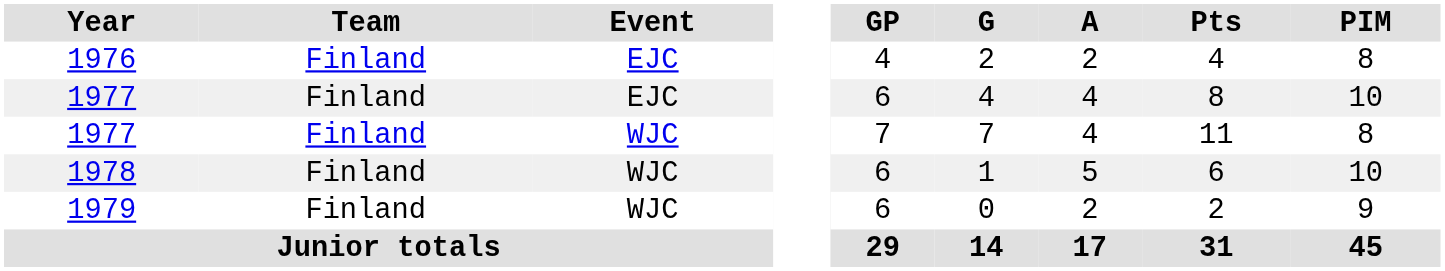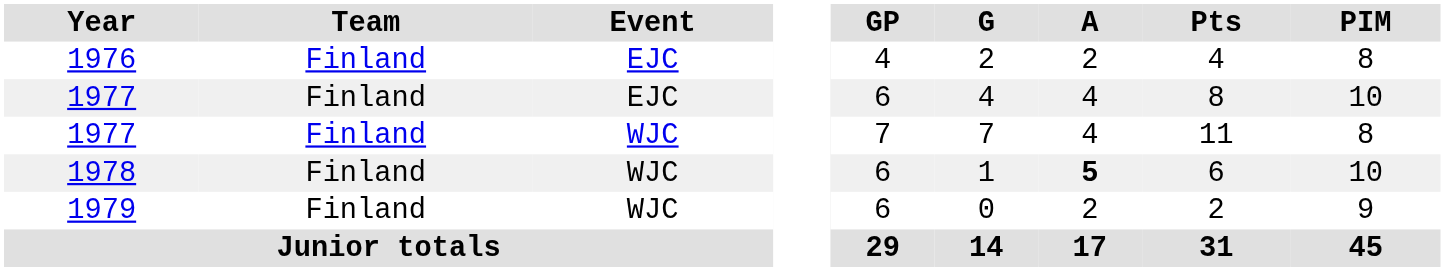 <table border="0" cellpadding="1" cellspacing="0" style="text-align:center; width:50em">
 <tr ALIGN="center" bgcolor="#e0e0e0">
 <th>Year</th>
 <th>Team</th>
 <th>Event</th>
 <th rowspan="99" bgcolor="#ffffff"> </th>
 <th>GP</th>
 <th>G</th>
 <th>A</th>
 <th>Pts</th>
 <th>PIM</th>
 </tr>
 <tr>
 <td><a href='#'>1976</a></td>
 <td><a href='#'>Finland</a></td>
 <td><a href='#'>EJC</a></td>
 <td>4</td>
 <td>2</td>
 <td>2</td>
 <td>4</td>
 <td>8</td>
 </tr>
 <tr bgcolor="#f0f0f0">
 <td><a href='#'>1977</a></td>
 <td>Finland</td>
 <td>EJC</td>
 <td>6</td>
 <td>4</td>
 <td>4</td>
 <td>8</td>
 <td>10</td>
 </tr>
 <tr>
 <td><a href='#'>1977</a></td>
 <td><a href='#'>Finland</a></td>
 <td><a href='#'>WJC</a></td>
 <td>7</td>
 <td>7</td>
 <td>4</td>
 <td>11</td>
 <td>8</td>
 </tr>
 <tr bgcolor="#f0f0f0">
 <td><a href='#'>1978</a></td>
 <td>Finland</td>
 <td>WJC</td>
 <td>6</td>
 <td>1</td>
-<td>5</td>
+<td><strong>5</strong></td>
 <td>6</td>
 <td>10</td>
 </tr>
 <tr>
 <td><a href='#'>1979</a></td>
 <td>Finland</td>
 <td>WJC</td>
 <td>6</td>
 <td>0</td>
 <td>2</td>
 <td>2</td>
 <td>9</td>
 </tr>
 <tr bgcolor="#e0e0e0">
 <th colspan=3>Junior totals</th>
 <th>29</th>
 <th>14</th>
 <th>17</th>
 <th>31</th>
 <th>45</th>
 </tr>
 </table>
